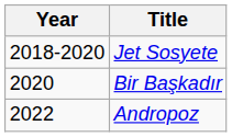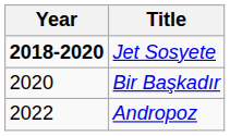 <table class="wikitable">
 <tr>
 <th>Year</th>
 <th>Title</th>
 </tr>
 <tr>
-<td>2018-2020</td>
+<td><strong>2018-2020</strong></td>
 <td><em><a href='#'>Jet Sosyete</a></em></td>
 </tr>
 <tr>
 <td>2020</td>
 <td><em><a href='#'>Bir Başkadır</a></em></td>
 </tr>
 <tr>
 <td>2022</td>
 <td><em><a href='#'>Andropoz</a></em></td>
 </tr>
 </table>
